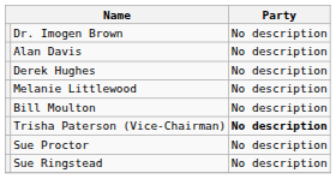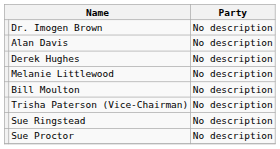 <table class="wikitable">
 <tr>
 <th colspan="2">Name</th>
 <th>Party</th>
 </tr>
 <tr>
 <th style="background-color: "></th>
 <td>Dr. Imogen Brown</td>
 <td align="right">No description</td>
 </tr>
 <tr>
 <th style="background-color: "></th>
 <td>Alan Davis</td>
 <td align="right">No description</td>
 </tr>
 <tr>
 <th style="background-color: "></th>
 <td>Derek Hughes</td>
 <td align="right">No description</td>
 </tr>
 <tr>
 <th style="background-color: "></th>
 <td>Melanie Littlewood</td>
 <td align="right">No description</td>
 </tr>
 <tr>
 <th style="background-color: "></th>
 <td>Bill Moulton</td>
 <td align="right">No description</td>
 </tr>
 <tr>
 <th style="background-color: "></th>
 <td>Trisha Paterson (Vice-Chairman)</td>
-<td align="right"><strong>No description</strong></td>
-</tr>
-<tr>
-<th style="background-color: "></th>
-<td>Sue Proctor</td>
 <td align="right">No description</td>
 </tr>
 <tr>
 <th style="background-color: "></th>
 <td>Sue Ringstead</td>
 <td align="right">No description</td>
 </tr>
 <tr>
+<th style="background-color: "></th>
+<td>Sue Proctor</td>
+<td align="right">No description</td>
+</tr>
+<tr>
 </tr>
 </table>
